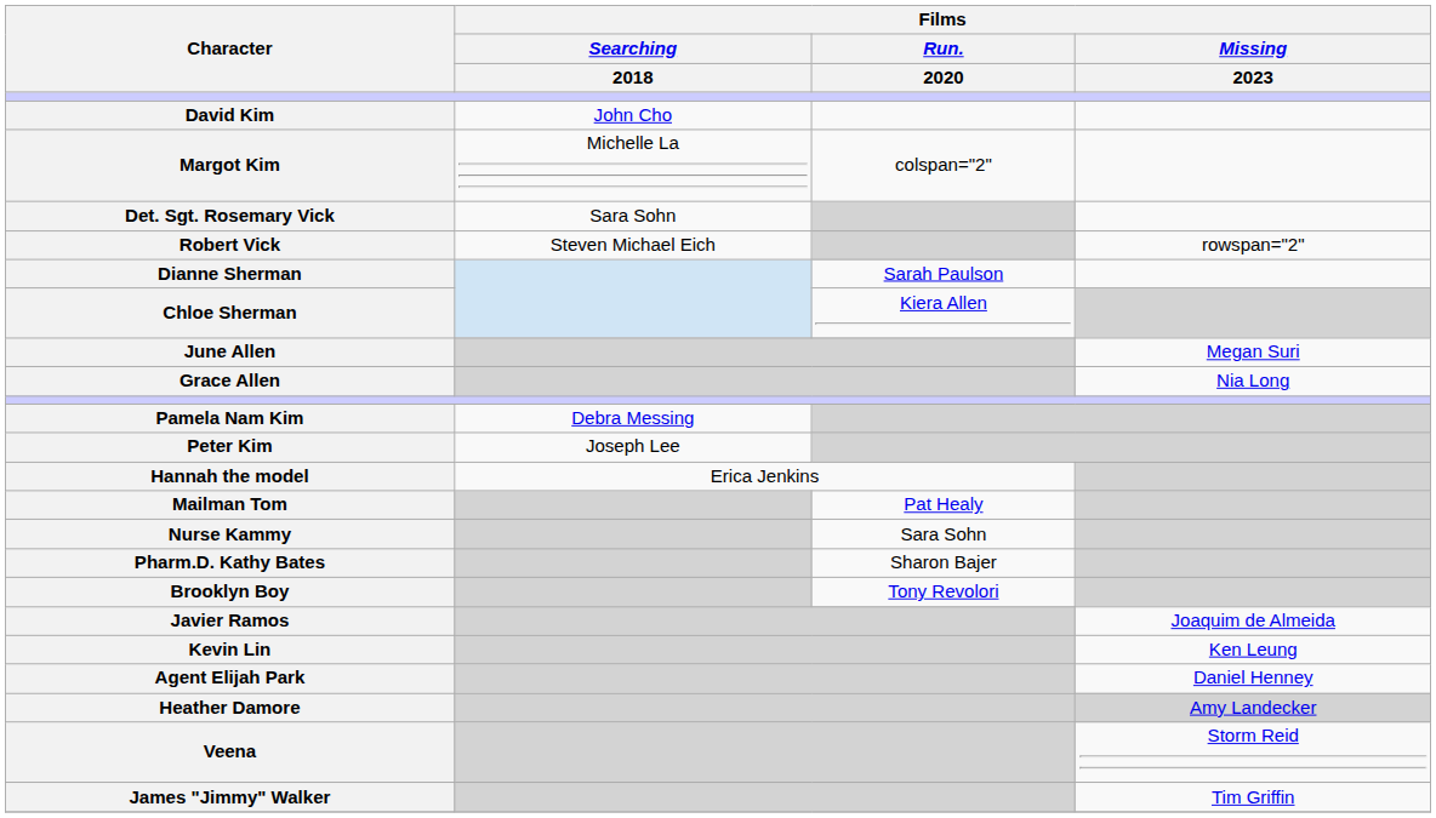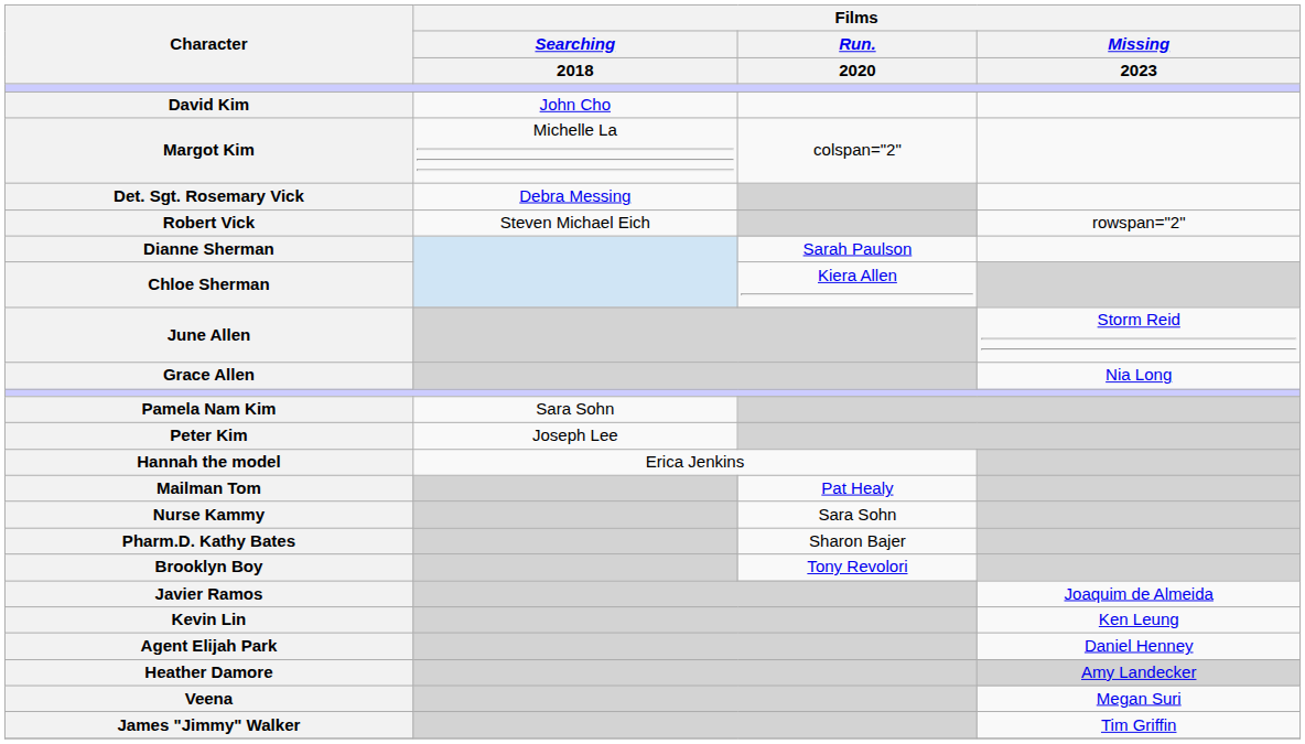 <table class="wikitable" style="text-align:center; width:99%;">
 <tr>
 <th rowspan="3">Character</th>
 <th colspan="4" style="text-align:center;">Films</th>
 </tr>
 <tr>
 <th style="text-align:center;"><em><a href='#'>Searching</a></em></th>
 <th style="text-align:center;"><em><a href='#'>Run.</a></em></th>
 <th style="text-align:center;"><em><a href='#'>Missing</a></em></th>
 </tr>
 <tr>
 <th>2018</th>
 <th>2020</th>
 <th>2023</th>
 </tr>
 <tr>
 <th style="background-color:#ccccff;" colspan="4"></th>
 </tr>
 <tr>
 <th>David Kim</th>
 <td><a href='#'>John Cho</a></td>
 <td></td>
 <td></td>
 </tr>
 <tr>
 <th>Margot Kim</th>
 <td>Michelle La<hr><hr><hr></td>
 <td>colspan="2" </td>
 </tr>
 <tr>
 <th>Det. Sgt. Rosemary Vick</th>
-<td>Sara Sohn</td>
+<td><a href='#'>Debra Messing</a></td>
 <td style="background:lightgrey;"> </td>
 <td></td>
 </tr>
 <tr>
 <th>Robert Vick</th>
 <td>Steven Michael Eich</td>
 <td style="background:lightgrey;"> </td>
 <td>rowspan="2" </td>
 </tr>
 <tr>
 <th>Dianne Sherman</th>
 <td rowspan="2" style="background: #d0e5f5"></td>
 <td><a href='#'>Sarah Paulson</a></td>
 </tr>
 <tr>
 <th>Chloe Sherman</th>
 <td><a href='#'>Kiera Allen</a><hr></td>
 <td style="background:lightgrey;"> </td>
 </tr>
 <tr>
 <th>June Allen</th>
 <td colspan="2" style="background:lightgrey;"> </td>
-<td><a href='#'>Megan Suri</a></td>
+<td><a href='#'>Storm Reid</a><hr><hr></td>
 </tr>
 <tr>
 <th>Grace Allen<br></th>
 <td colspan="2" style="background:lightgrey;"> </td>
 <td><a href='#'>Nia Long</a></td>
 </tr>
 <tr>
 <th style="background-color:#ccccff;" colspan="4"></th>
 </tr>
 <tr>
 <th>Pamela Nam Kim</th>
-<td><a href='#'>Debra Messing</a></td>
+<td>Sara Sohn</td>
 <td colspan="2" style="background:lightgrey;"> </td>
 </tr>
 <tr>
 <th>Peter Kim</th>
 <td>Joseph Lee</td>
 <td colspan="2" style="background:lightgrey;"> </td>
 </tr>
 <tr>
 <th>Hannah the model <br></th>
 <td colspan="2">Erica Jenkins</td>
 <td style="background:lightgrey;"> </td>
 </tr>
 <tr>
 <th>Mailman Tom</th>
 <td style="background:lightgrey;"> </td>
 <td><a href='#'>Pat Healy</a></td>
 <td style="background:lightgrey;"> </td>
 </tr>
 <tr>
 <th>Nurse Kammy</th>
 <td style="background:lightgrey;"> </td>
 <td>Sara Sohn</td>
 <td style="background:lightgrey;"> </td>
 </tr>
 <tr>
 <th>Pharm.D. Kathy Bates</th>
 <td style="background:lightgrey;"> </td>
 <td>Sharon Bajer</td>
 <td style="background:lightgrey;"> </td>
 </tr>
 <tr>
 <th>Brooklyn Boy</th>
 <td style="background:lightgrey;"> </td>
 <td><a href='#'>Tony Revolori</a></td>
 <td style="background:lightgrey;"> </td>
 </tr>
 <tr>
 <th>Javier Ramos</th>
 <td colspan="2" style="background:lightgrey;"> </td>
 <td><a href='#'>Joaquim de Almeida</a></td>
 </tr>
 <tr>
 <th>Kevin Lin</th>
 <td colspan="2" style="background:lightgrey;"> </td>
 <td><a href='#'>Ken Leung</a></td>
 </tr>
 <tr>
 <th>Agent Elijah Park</th>
 <td colspan="2" style="background:lightgrey;"> </td>
 <td><a href='#'>Daniel Henney</a></td>
 </tr>
 <tr>
 <th>Heather Damore</th>
 <td colspan="2" style="background:lightgrey;"> </td>
 <td style="background: lightgrey;"><a href='#'>Amy Landecker</a></td>
 </tr>
 <tr>
 <th>Veena</th>
 <td colspan="2" style="background:lightgrey;"> </td>
-<td><a href='#'>Storm Reid</a><hr><hr></td>
+<td><a href='#'>Megan Suri</a></td>
 </tr>
 <tr>
 <th>James "Jimmy" Walker</th>
 <td colspan="2" style="background:lightgrey;"> </td>
 <td><a href='#'>Tim Griffin</a></td>
 </tr>
 <tr>
 </tr>
 </table>
